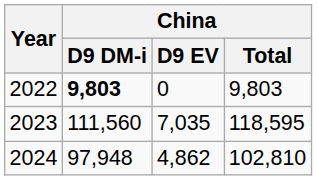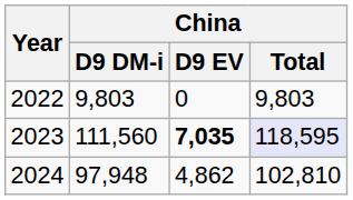 <table class="wikitable">
 <tr>
 <th rowspan="2">Year</th>
 <th colspan="3">China</th>
 </tr>
 <tr>
 <th>D9 DM-i</th>
 <th>D9 EV</th>
 <th>Total</th>
 </tr>
 <tr>
 <td>2022</td>
-<td><strong>9,803</strong></td>
+<td>9,803</td>
 <td>0</td>
 <td>9,803</td>
 </tr>
 <tr>
 <td>2023</td>
 <td>111,560</td>
-<td>7,035</td>
-<td>118,595</td>
+<td><strong>7,035</strong></td>
+<td style="background: lavender;">118,595</td>
 </tr>
 <tr>
 <td>2024</td>
 <td>97,948</td>
 <td>4,862</td>
 <td>102,810</td>
 </tr>
 </table>
